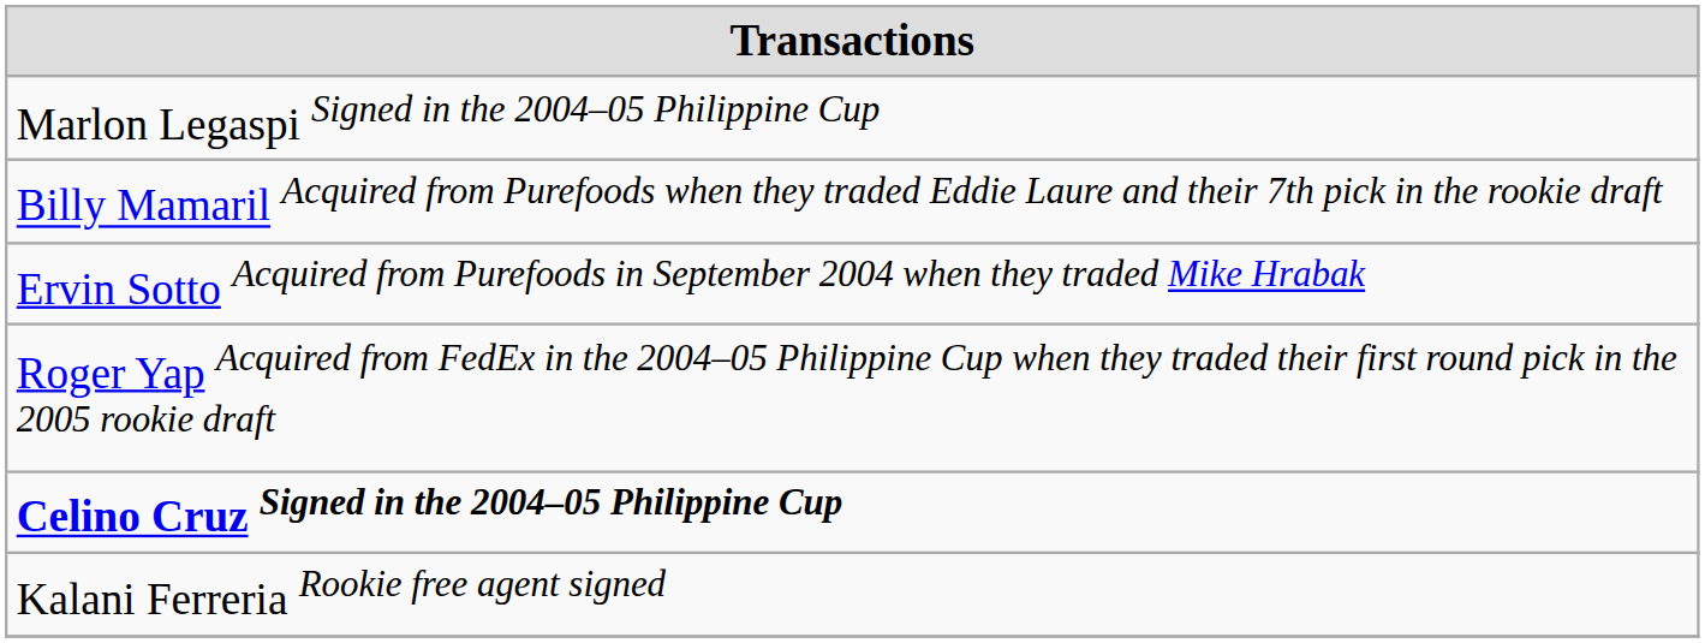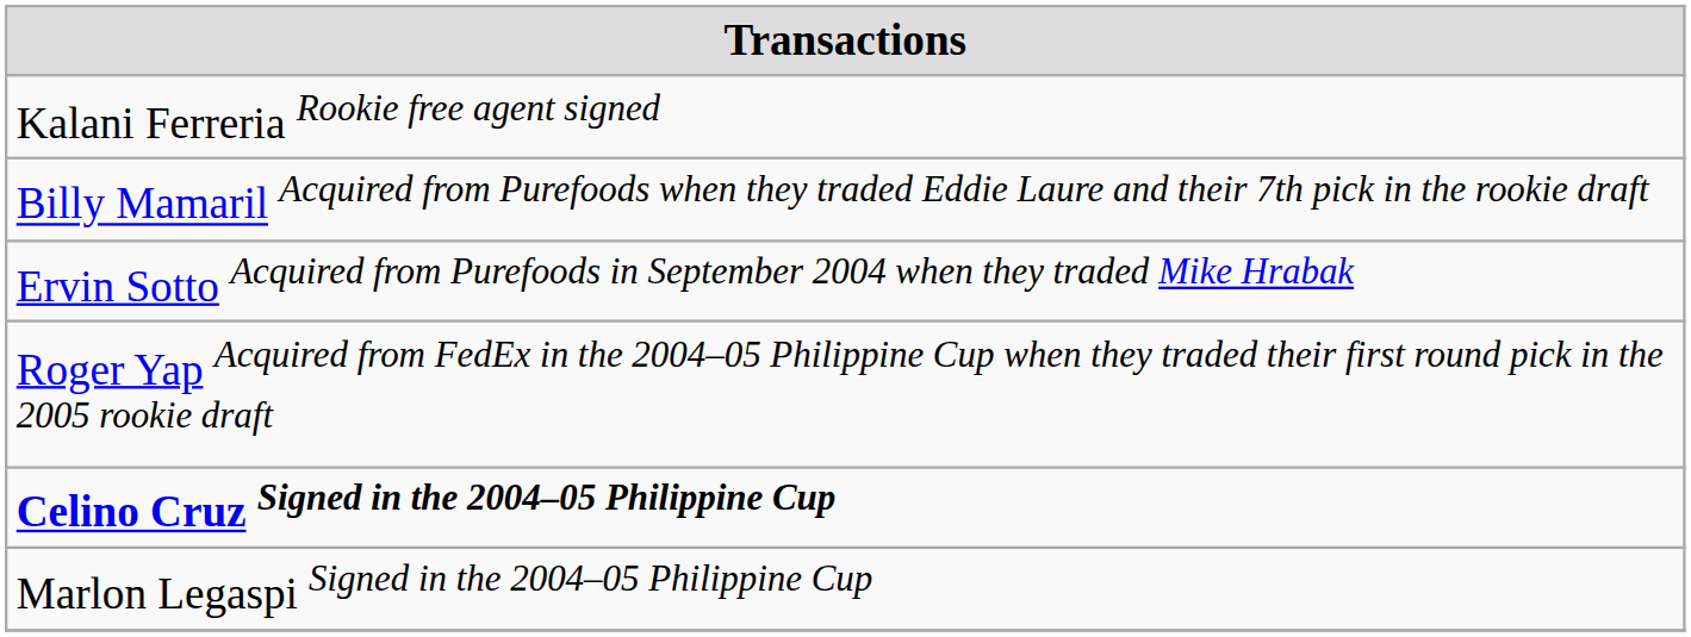 <table class="wikitable">
 <tr>
 <th style="background:#dddddd;">Transactions</th>
 </tr>
 <tr>
-<td>Marlon Legaspi <sup><em>Signed in the 2004–05 Philippine Cup</em></sup></td>
+<td>Kalani Ferreria <sup><em>Rookie free agent signed</em></sup></td>
 </tr>
 <tr>
 <td><a href='#'>Billy Mamaril</a> <sup><em>Acquired from Purefoods when they traded Eddie Laure and their 7th pick in the rookie draft</em></sup></td>
 </tr>
 <tr>
 <td><a href='#'>Ervin Sotto</a> <sup><em>Acquired from Purefoods in September 2004 when they traded <a href='#'>Mike Hrabak</a></em></sup></td>
 </tr>
 <tr>
 <td><a href='#'>Roger Yap</a> <sup><em>Acquired from FedEx in the 2004–05 Philippine Cup when they traded their first round pick in the 2005 rookie draft</em></sup> </td>
 </tr>
 <tr>
 <td><strong><a href='#'>Celino Cruz</a> <sup><em>Signed in the 2004–05 Philippine Cup</em></sup></strong></td>
 </tr>
 <tr>
-<td>Kalani Ferreria <sup><em>Rookie free agent signed</em></sup></td>
+<td>Marlon Legaspi <sup><em>Signed in the 2004–05 Philippine Cup</em></sup></td>
 </tr>
 <tr>
 </tr>
 </table>
